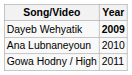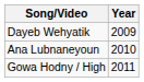 <table class="wikitable">
 <tr>
 <th>Song/Video</th>
 <th>Year</th>
 </tr>
 <tr>
 <td>Dayeb Wehyatik</td>
-<td><strong>2009</strong></td>
+<td>2009</td>
 </tr>
 <tr>
 <td>Ana Lubnaneyoun</td>
 <td>2010</td>
 </tr>
 <tr>
 <td>Gowa Hodny / High</td>
 <td>2011</td>
 </tr>
 </table>
